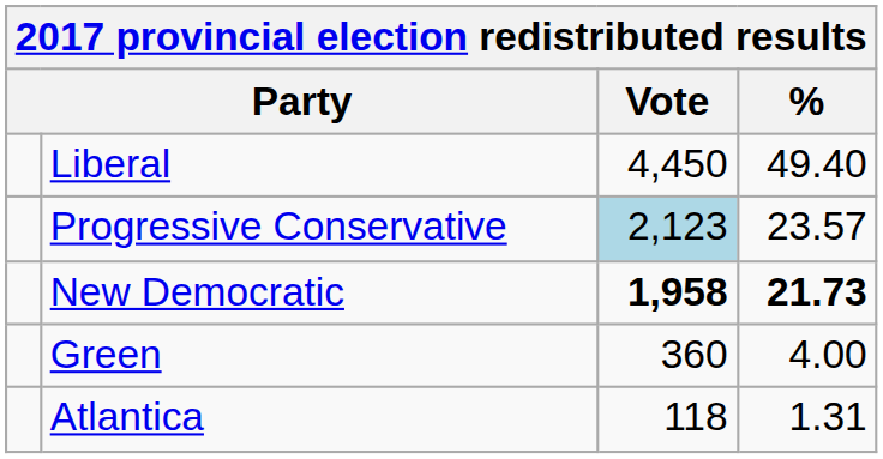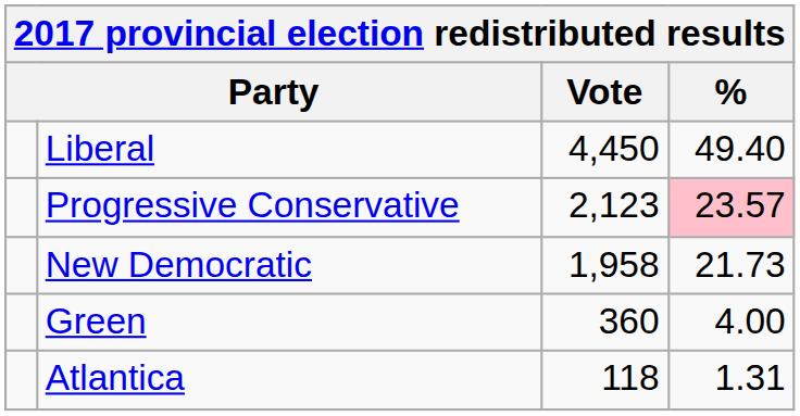 <table class="wikitable">
 <tr>
 <th colspan="4"><a href='#'>2017 provincial election</a> redistributed results</th>
 </tr>
 <tr>
 <th colspan="2">Party</th>
 <th>Vote</th>
 <th>%</th>
 </tr>
 <tr>
 <td> </td>
 <td><a href='#'>Liberal</a></td>
 <td align=right>4,450</td>
 <td align=right>49.40</td>
 </tr>
 <tr>
 <td> </td>
 <td><a href='#'>Progressive Conservative</a></td>
-<td align=right style="background: lightblue;">2,123</td>
-<td align=right>23.57</td>
+<td align=right>2,123</td>
+<td align=right style="background: pink;">23.57</td>
 </tr>
 <tr>
 <td> </td>
 <td><a href='#'>New Democratic</a></td>
-<td align=right><strong>1,958</strong></td>
-<td align=right><strong>21.73</strong></td>
+<td align=right>1,958</td>
+<td align=right>21.73</td>
 </tr>
 <tr>
 <td> </td>
 <td><a href='#'>Green</a></td>
 <td align=right>360</td>
 <td align=right>4.00</td>
 </tr>
 <tr>
 <td> </td>
 <td><a href='#'>Atlantica</a></td>
 <td align=right>118</td>
 <td align=right>1.31</td>
 </tr>
 </table>
